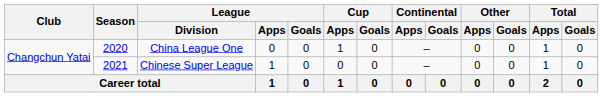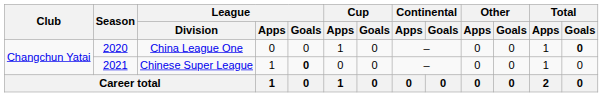 <table class="wikitable" style="text-align: center">
 <tr>
 <th rowspan="2">Club</th>
 <th rowspan="2">Season</th>
 <th colspan="3">League</th>
 <th colspan="2">Cup</th>
 <th colspan="2">Continental</th>
 <th colspan="2">Other</th>
 <th colspan="2">Total</th>
 </tr>
 <tr>
 <th>Division</th>
 <th>Apps</th>
 <th>Goals</th>
 <th>Apps</th>
 <th>Goals</th>
 <th>Apps</th>
 <th>Goals</th>
 <th>Apps</th>
 <th>Goals</th>
 <th>Apps</th>
 <th>Goals</th>
 </tr>
 <tr>
 <td rowspan="2"><a href='#'>Changchun Yatai</a></td>
 <td><a href='#'>2020</a></td>
 <td><a href='#'>China League One</a></td>
 <td>0</td>
 <td>0</td>
 <td>1</td>
 <td>0</td>
 <td colspan="2">–</td>
 <td>0</td>
 <td>0</td>
 <td>1</td>
-<td>0</td>
+<td><strong>0</strong></td>
 </tr>
 <tr>
 <td><a href='#'>2021</a></td>
 <td><a href='#'>Chinese Super League</a></td>
 <td>1</td>
-<td>0</td>
+<td><strong>0</strong></td>
 <td>0</td>
 <td>0</td>
 <td colspan="2">–</td>
 <td>0</td>
 <td>0</td>
 <td>1</td>
 <td>0</td>
 </tr>
 <tr>
 <th colspan=3>Career total</th>
 <th>1</th>
 <th>0</th>
 <th>1</th>
 <th>0</th>
 <th>0</th>
 <th>0</th>
 <th>0</th>
 <th>0</th>
 <th>2</th>
 <th>0</th>
 </tr>
 </table>
